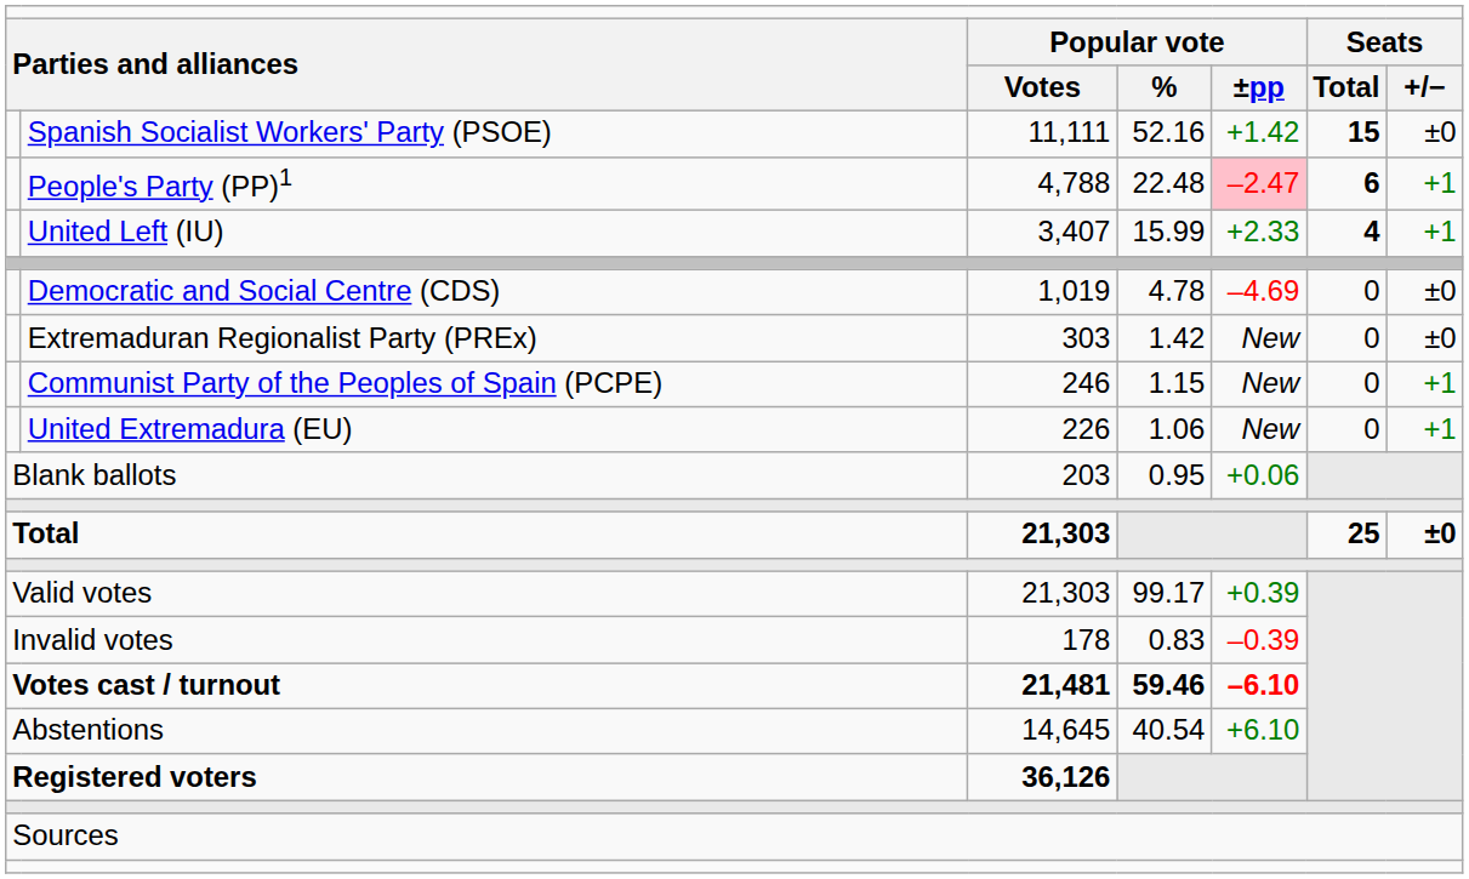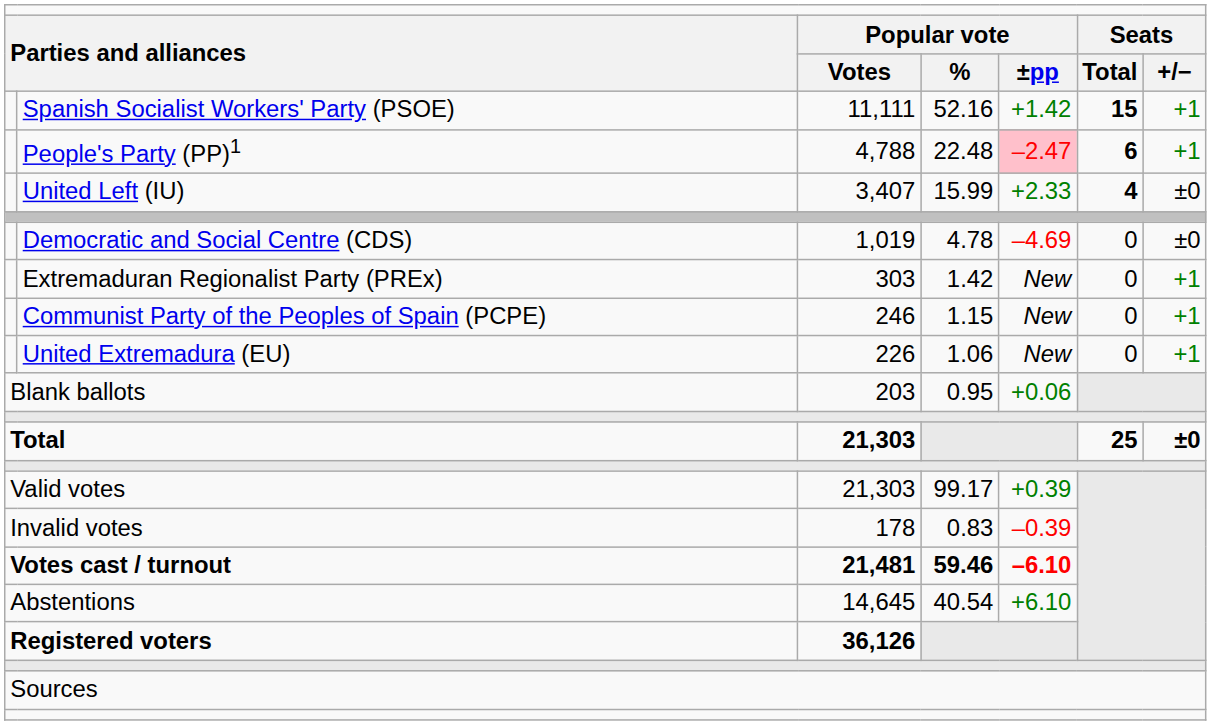 <table class="wikitable" style="text-align:right;">
 <tr>
 <td colspan="7"></td>
 </tr>
 <tr>
 <th style="text-align:left;" rowspan="2" colspan="2" width="525">Parties and alliances</th>
 <th colspan="3">Popular vote</th>
 <th colspan="2">Seats</th>
 </tr>
 <tr>
 <th width="75">Votes</th>
 <th width="45">%</th>
 <th width="45">±<a href='#'>pp</a></th>
 <th width="35">Total</th>
 <th width="35">+/−</th>
 </tr>
 <tr>
 <td width="1" style="color:inherit;background:"></td>
 <td align="left"><a href='#'>Spanish Socialist Workers' Party</a> (PSOE)</td>
 <td>11,111</td>
 <td>52.16</td>
 <td style="color:green;">+1.42</td>
 <td><strong>15</strong></td>
-<td>±0</td>
+<td style="color:green;">+1</td>
 </tr>
 <tr>
 <td style="color:inherit;background:"></td>
 <td align="left"><a href='#'>People's Party</a> (PP)<sup>1</sup></td>
 <td>4,788</td>
 <td>22.48</td>
 <td style="background: pink; color:red;">–2.47</td>
 <td><strong>6</strong></td>
 <td style="color:green;">+1</td>
 </tr>
 <tr>
 <td style="color:inherit;background:"></td>
 <td align="left"><a href='#'>United Left</a> (IU)</td>
 <td>3,407</td>
 <td>15.99</td>
 <td style="color:green;">+2.33</td>
 <td><strong>4</strong></td>
-<td style="color:green;">+1</td>
+<td>±0</td>
 </tr>
 <tr>
 <td colspan="7" bgcolor="#C0C0C0"></td>
 </tr>
 <tr>
 <td style="color:inherit;background:"></td>
 <td align="left"><a href='#'>Democratic and Social Centre</a> (CDS)</td>
 <td>1,019</td>
 <td>4.78</td>
 <td style="color:red;">–4.69</td>
 <td>0</td>
 <td>±0</td>
 </tr>
 <tr>
 <td style="color:inherit;background:"></td>
 <td align="left">Extremaduran Regionalist Party (PREx)</td>
 <td>303</td>
 <td>1.42</td>
 <td><em>New</em></td>
 <td>0</td>
-<td>±0</td>
+<td style="color:green;">+1</td>
 </tr>
 <tr>
 <td style="color:inherit;background:"></td>
 <td align="left"><a href='#'>Communist Party of the Peoples of Spain</a> (PCPE)</td>
 <td>246</td>
 <td>1.15</td>
 <td><em>New</em></td>
 <td>0</td>
 <td style="color:green;">+1</td>
 </tr>
 <tr>
 <td style="color:inherit;background:"></td>
 <td align="left"><a href='#'>United Extremadura</a> (EU)</td>
 <td>226</td>
 <td>1.06</td>
 <td><em>New</em></td>
 <td>0</td>
 <td style="color:green;">+1</td>
 </tr>
 <tr>
 <td align="left" colspan="2">Blank ballots</td>
 <td>203</td>
 <td>0.95</td>
 <td style="color:green;">+0.06</td>
 <td bgcolor="#E9E9E9" colspan="2"></td>
 </tr>
 <tr>
 <td colspan="7" bgcolor="#E9E9E9"></td>
 </tr>
 <tr style="font-weight:bold;">
 <td align="left" colspan="2">Total</td>
 <td>21,303</td>
 <td bgcolor="#E9E9E9" colspan="2"></td>
 <td>25</td>
 <td>±0</td>
 </tr>
 <tr>
 <td colspan="7" bgcolor="#E9E9E9"></td>
 </tr>
 <tr>
 <td align="left" colspan="2">Valid votes</td>
 <td>21,303</td>
 <td>99.17</td>
 <td style="color:green;">+0.39</td>
 <td bgcolor="#E9E9E9" colspan="2" rowspan="5"></td>
 </tr>
 <tr>
 <td align="left" colspan="2">Invalid votes</td>
 <td>178</td>
 <td>0.83</td>
 <td style="color:red;">–0.39</td>
 </tr>
 <tr style="font-weight:bold;">
 <td align="left" colspan="2">Votes cast / turnout</td>
 <td>21,481</td>
 <td>59.46</td>
 <td style="color:red;">–6.10</td>
 </tr>
 <tr>
 <td align="left" colspan="2">Abstentions</td>
 <td>14,645</td>
 <td>40.54</td>
 <td style="color:green;">+6.10</td>
 </tr>
 <tr style="font-weight:bold;">
 <td align="left" colspan="2">Registered voters</td>
 <td>36,126</td>
 <td bgcolor="#E9E9E9" colspan="2"></td>
 </tr>
 <tr>
 <td colspan="7" bgcolor="#E9E9E9"></td>
 </tr>
 <tr>
 <td align="left" colspan="7">Sources</td>
 </tr>
 <tr>
 <td colspan="7" style="text-align:left; max-width:790px;"></td>
 </tr>
 </table>
